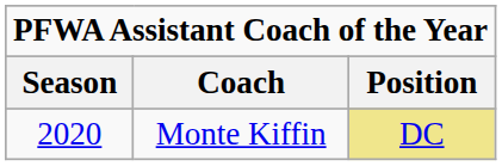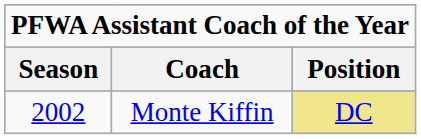 <table class="wikitable" style="text-align:center">
 <tr>
 <td colspan="3"><strong>PFWA Assistant Coach of the Year</strong></td>
 </tr>
 <tr>
 <th>Season</th>
 <th>Coach</th>
 <th>Position</th>
 </tr>
 <tr>
-<td><a href='#'>2020</a></td>
+<td><a href='#'>2002</a></td>
 <td><a href='#'>Monte Kiffin</a></td>
 <td style="background: khaki;"><a href='#'>DC</a></td>
 </tr>
 </table>
